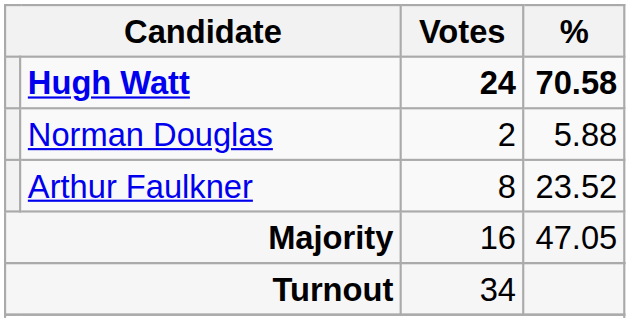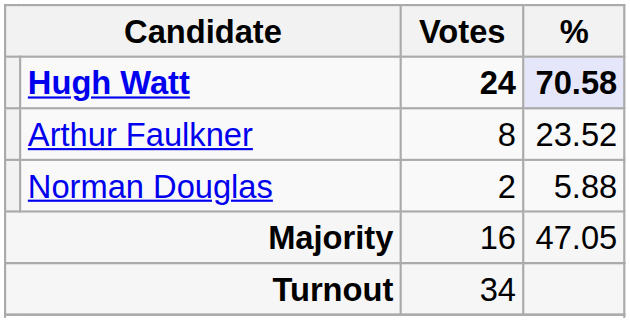 <table class="wikitable" style="font-size: 95%;">
 <tr style="background-color:#E9E9E9">
 <th colspan="2" style="width: 170px">Candidate</th>
 <th style="width: 50px">Votes</th>
 <th style="width: 40px">%</th>
 </tr>
 <tr>
 <th style="background-color: "></th>
 <td style="width: 170px"><strong><a href='#'>Hugh Watt</a></strong></td>
 <td align="right"><strong>24</strong></td>
-<td align="right"><strong>70.58</strong></td>
+<td align="right" style="background: lavender;"><strong>70.58</strong></td>
+</tr>
+<tr>
+<th style="background-color: "></th>
+<td style="width: 170px"><a href='#'>Arthur Faulkner</a></td>
+<td align="right">8</td>
+<td align="right">23.52</td>
 </tr>
 <tr>
 <th style="background-color: "></th>
 <td style="width: 170px"><a href='#'>Norman Douglas</a></td>
 <td align="right">2</td>
 <td align="right">5.88</td>
-</tr>
-<tr>
-<th style="background-color: "></th>
-<td style="width: 170px"><a href='#'>Arthur Faulkner</a></td>
-<td align="right">8</td>
-<td align="right">23.52</td>
 </tr>
 <tr style="background-color:#F6F6F6">
 <td colspan="2" align="right"><strong>Majority</strong></td>
 <td align="right">16</td>
 <td align="right">47.05</td>
 </tr>
 <tr>
 </tr>
 <tr style="background-color:#F6F6F6">
 <td colspan="2" align="right"><strong>Turnout</strong></td>
 <td align="right">34</td>
 <td></td>
 </tr>
 <tr>
 </tr>
 <tr style="background-color:#F6F6F6">
 </tr>
 </table>
